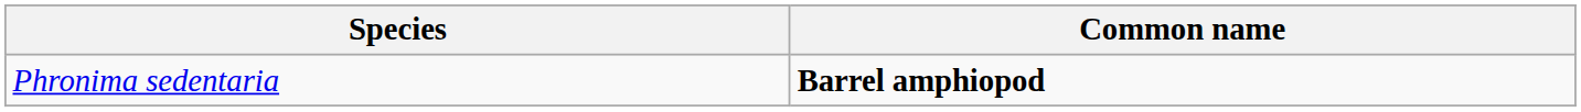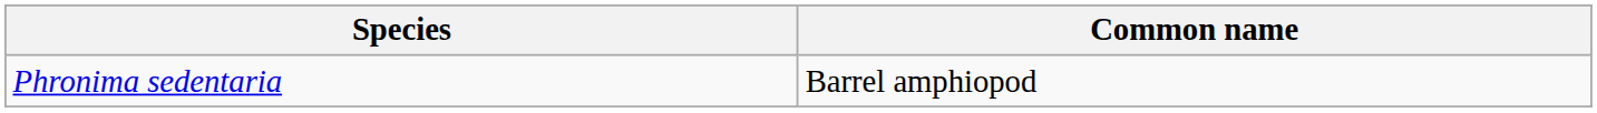 <table width=90% class="wikitable">
 <tr>
 <th width=25%>Species</th>
 <th width=25%>Common name</th>
 </tr>
 <tr>
 <td><em><a href='#'>Phronima sedentaria</a></em></td>
-<td><strong>Barrel amphiopod</strong></td>
+<td>Barrel amphiopod</td>
 </tr>
 </table>
